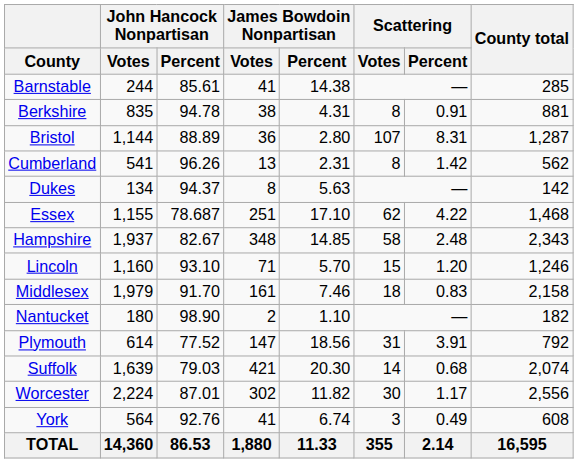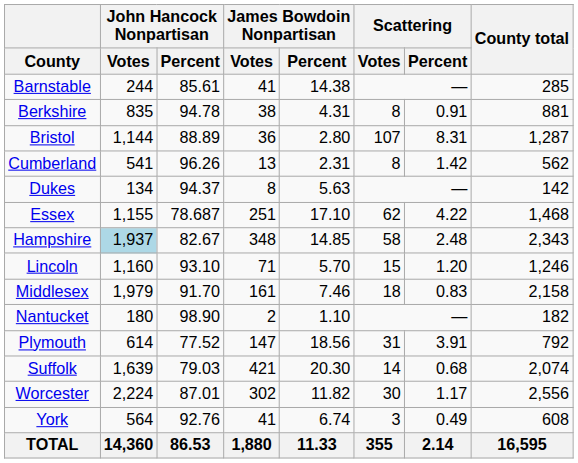 <table class="wikitable sortable" style="text-align:right">
 <tr>
 <th></th>
 <th align=center colspan=2>John Hancock<br>Nonpartisan</th>
 <th align=center colspan=2>James Bowdoin<br>Nonpartisan</th>
 <th align=center colspan=2>Scattering</th>
 <th align=center rowspan=2>County total</th>
 </tr>
 <tr>
 <th align=center>County</th>
 <th align=center>Votes</th>
 <th align=center>Percent</th>
 <th align=center>Votes</th>
 <th align=center>Percent</th>
 <th align=center>Votes</th>
 <th align=center>Percent</th>
 </tr>
 <tr>
 <td align=center><a href='#'>Barnstable</a></td>
 <td align=right>244</td>
 <td align=right>85.61</td>
 <td align=right>41</td>
 <td align=right>14.38</td>
 <td align=right colspan=2>—</td>
 <td align=right>285</td>
 </tr>
 <tr>
 <td align=center><a href='#'>Berkshire</a></td>
 <td align=right>835</td>
 <td align=right>94.78</td>
 <td align=right>38</td>
 <td align=right>4.31</td>
 <td align=right>8</td>
 <td align=right>0.91</td>
 <td align=right>881</td>
 </tr>
 <tr>
 <td align=center><a href='#'>Bristol</a></td>
 <td align=right>1,144</td>
 <td align=right>88.89</td>
 <td align=right>36</td>
 <td align=right>2.80</td>
 <td align=right>107</td>
 <td align=right>8.31</td>
 <td align=right>1,287</td>
 </tr>
 <tr>
 <td align=center><a href='#'>Cumberland</a></td>
 <td align=right>541</td>
 <td align=right>96.26</td>
 <td align=right>13</td>
 <td align=right>2.31</td>
 <td align=right>8</td>
 <td align=right>1.42</td>
 <td align=right>562</td>
 </tr>
 <tr>
 <td align=center><a href='#'>Dukes</a></td>
 <td align=right>134</td>
 <td align=right>94.37</td>
 <td align=right>8</td>
 <td align=right>5.63</td>
 <td align=right colspan=2>—</td>
 <td align=right>142</td>
 </tr>
 <tr>
 <td align=center><a href='#'>Essex</a></td>
 <td align=right>1,155</td>
 <td align=right>78.687</td>
 <td align=right>251</td>
 <td align=right>17.10</td>
 <td align=right>62</td>
 <td align=right>4.22</td>
 <td align=right>1,468</td>
 </tr>
 <tr>
 <td align=center><a href='#'>Hampshire</a></td>
-<td align=right>1,937</td>
+<td align=right style="background: lightblue;">1,937</td>
 <td align=right>82.67</td>
 <td align=right>348</td>
 <td align=right>14.85</td>
 <td align=right>58</td>
 <td align=right>2.48</td>
 <td align=right>2,343</td>
 </tr>
 <tr>
 <td align=center><a href='#'>Lincoln</a></td>
 <td align=right>1,160</td>
 <td align=right>93.10</td>
 <td align=right>71</td>
 <td align=right>5.70</td>
 <td align=right>15</td>
 <td align=right>1.20</td>
 <td align=right>1,246</td>
 </tr>
 <tr>
 <td align=center><a href='#'>Middlesex</a></td>
 <td align=right>1,979</td>
 <td align=right>91.70</td>
 <td align=right>161</td>
 <td align=right>7.46</td>
 <td align=right>18</td>
 <td align=right>0.83</td>
 <td align=right>2,158</td>
 </tr>
 <tr>
 <td align=center><a href='#'>Nantucket</a></td>
 <td align=right>180</td>
 <td align=right>98.90</td>
 <td align=right>2</td>
 <td align=right>1.10</td>
 <td align=right colspan=2>—</td>
 <td align=right>182</td>
 </tr>
 <tr>
 <td align=center><a href='#'>Plymouth</a></td>
 <td align=right>614</td>
 <td align=right>77.52</td>
 <td align=right>147</td>
 <td align=right>18.56</td>
 <td align=right>31</td>
 <td align=right>3.91</td>
 <td align=right>792</td>
 </tr>
 <tr>
 <td align=center><a href='#'>Suffolk</a></td>
 <td align=right>1,639</td>
 <td align=right>79.03</td>
 <td align=right>421</td>
 <td align=right>20.30</td>
 <td align=right>14</td>
 <td align=right>0.68</td>
 <td align=right>2,074</td>
 </tr>
 <tr>
 <td align=center><a href='#'>Worcester</a></td>
 <td align=right>2,224</td>
 <td align=right>87.01</td>
 <td align=right>302</td>
 <td align=right>11.82</td>
 <td align=right>30</td>
 <td align=right>1.17</td>
 <td align=right>2,556</td>
 </tr>
 <tr>
 <td align=center><a href='#'>York</a></td>
 <td align=right>564</td>
 <td align=right>92.76</td>
 <td align=right>41</td>
 <td align=right>6.74</td>
 <td align=right>3</td>
 <td align=right>0.49</td>
 <td align=right>608</td>
 </tr>
 <tr>
 <th>TOTAL</th>
 <th>14,360</th>
 <th>86.53</th>
 <th>1,880</th>
 <th>11.33</th>
 <th>355</th>
 <th>2.14</th>
 <th>16,595</th>
 </tr>
 </table>
